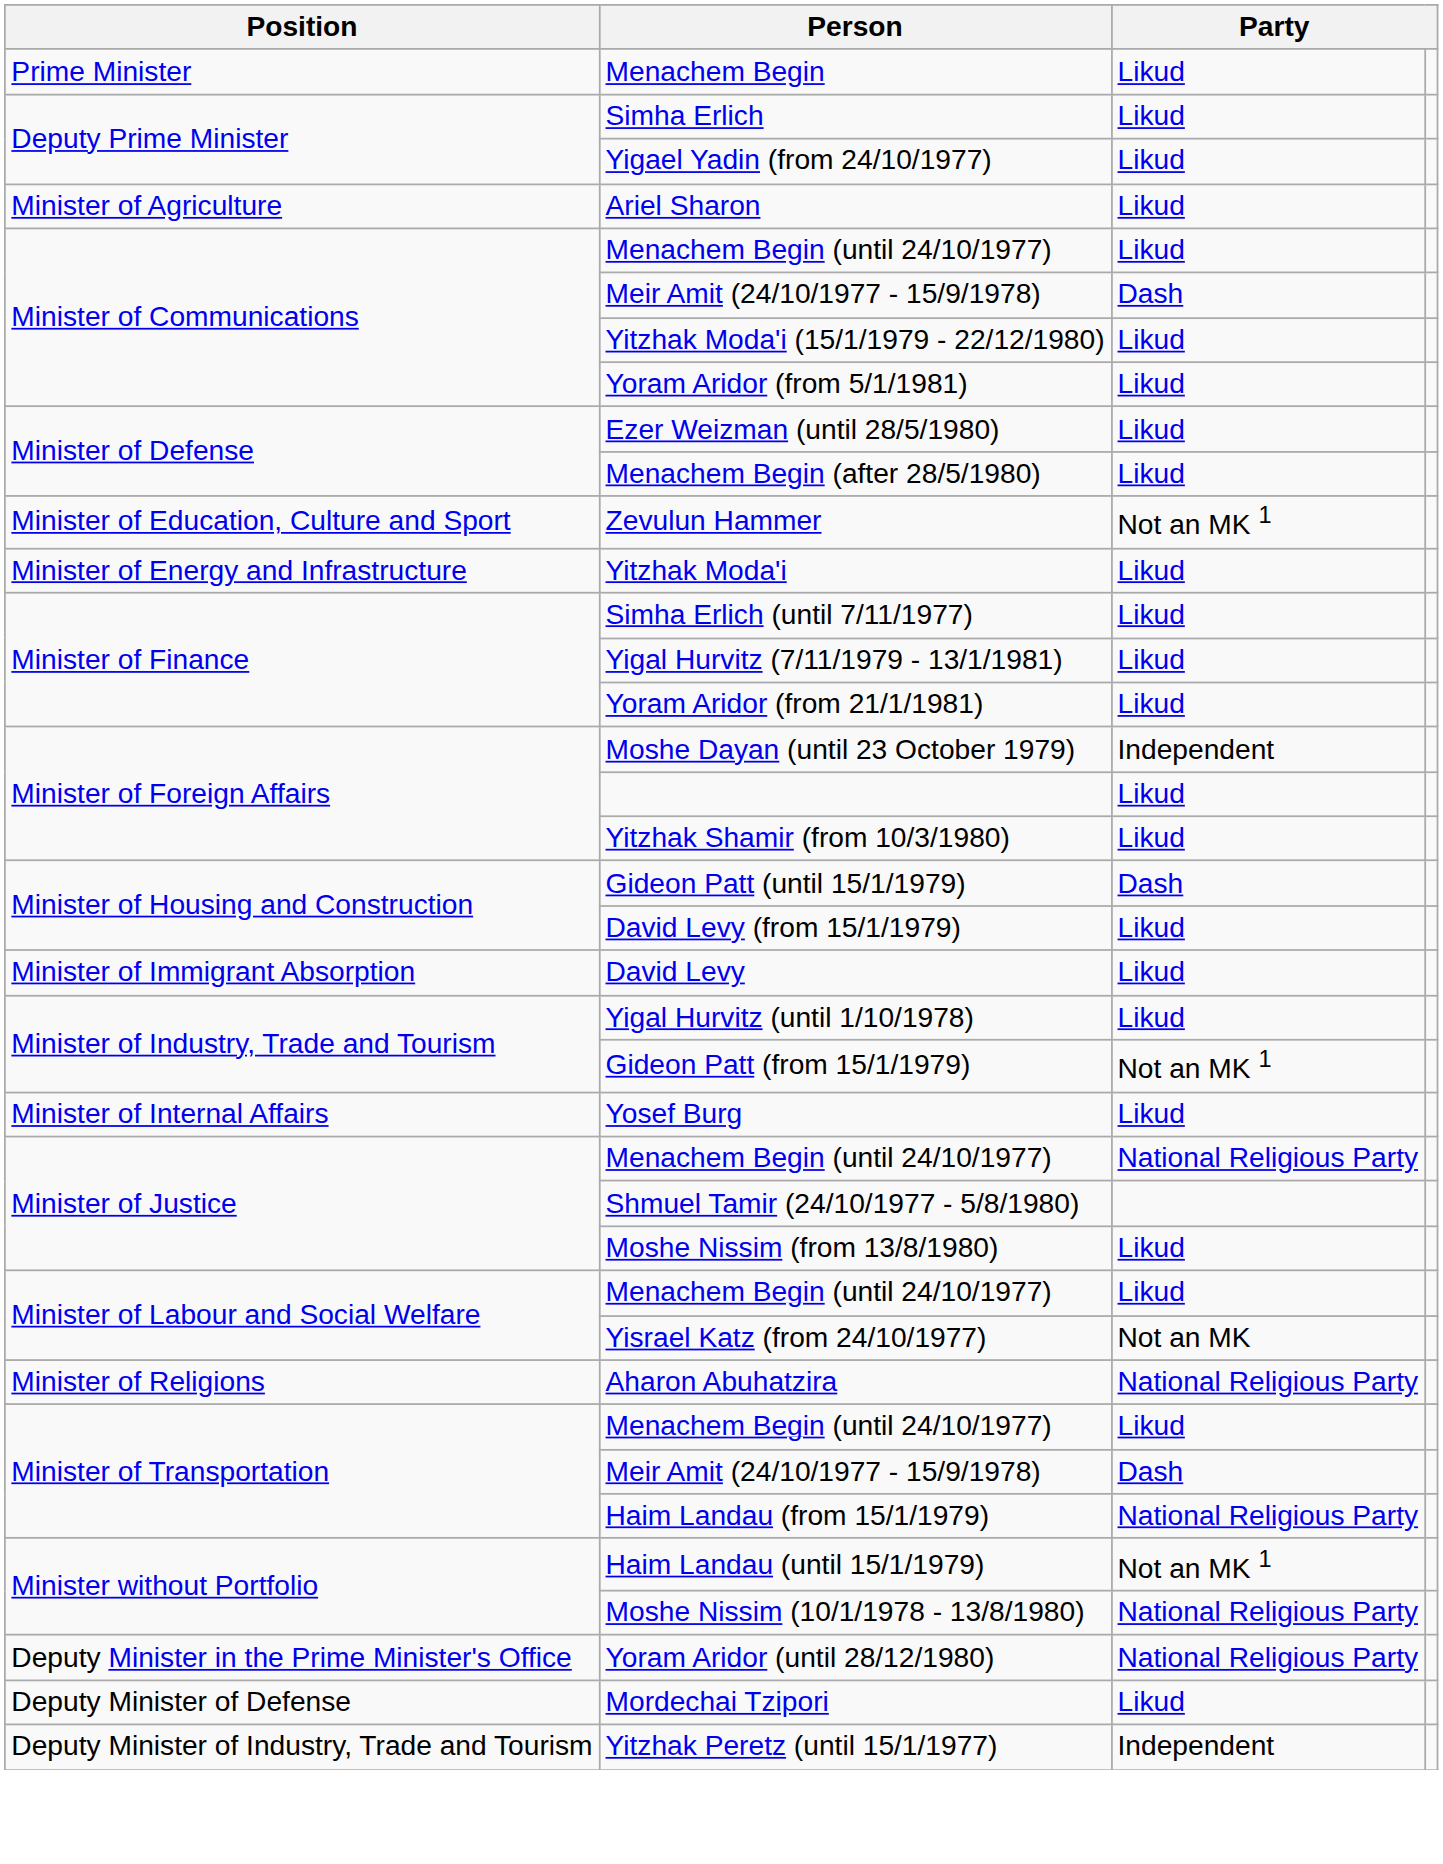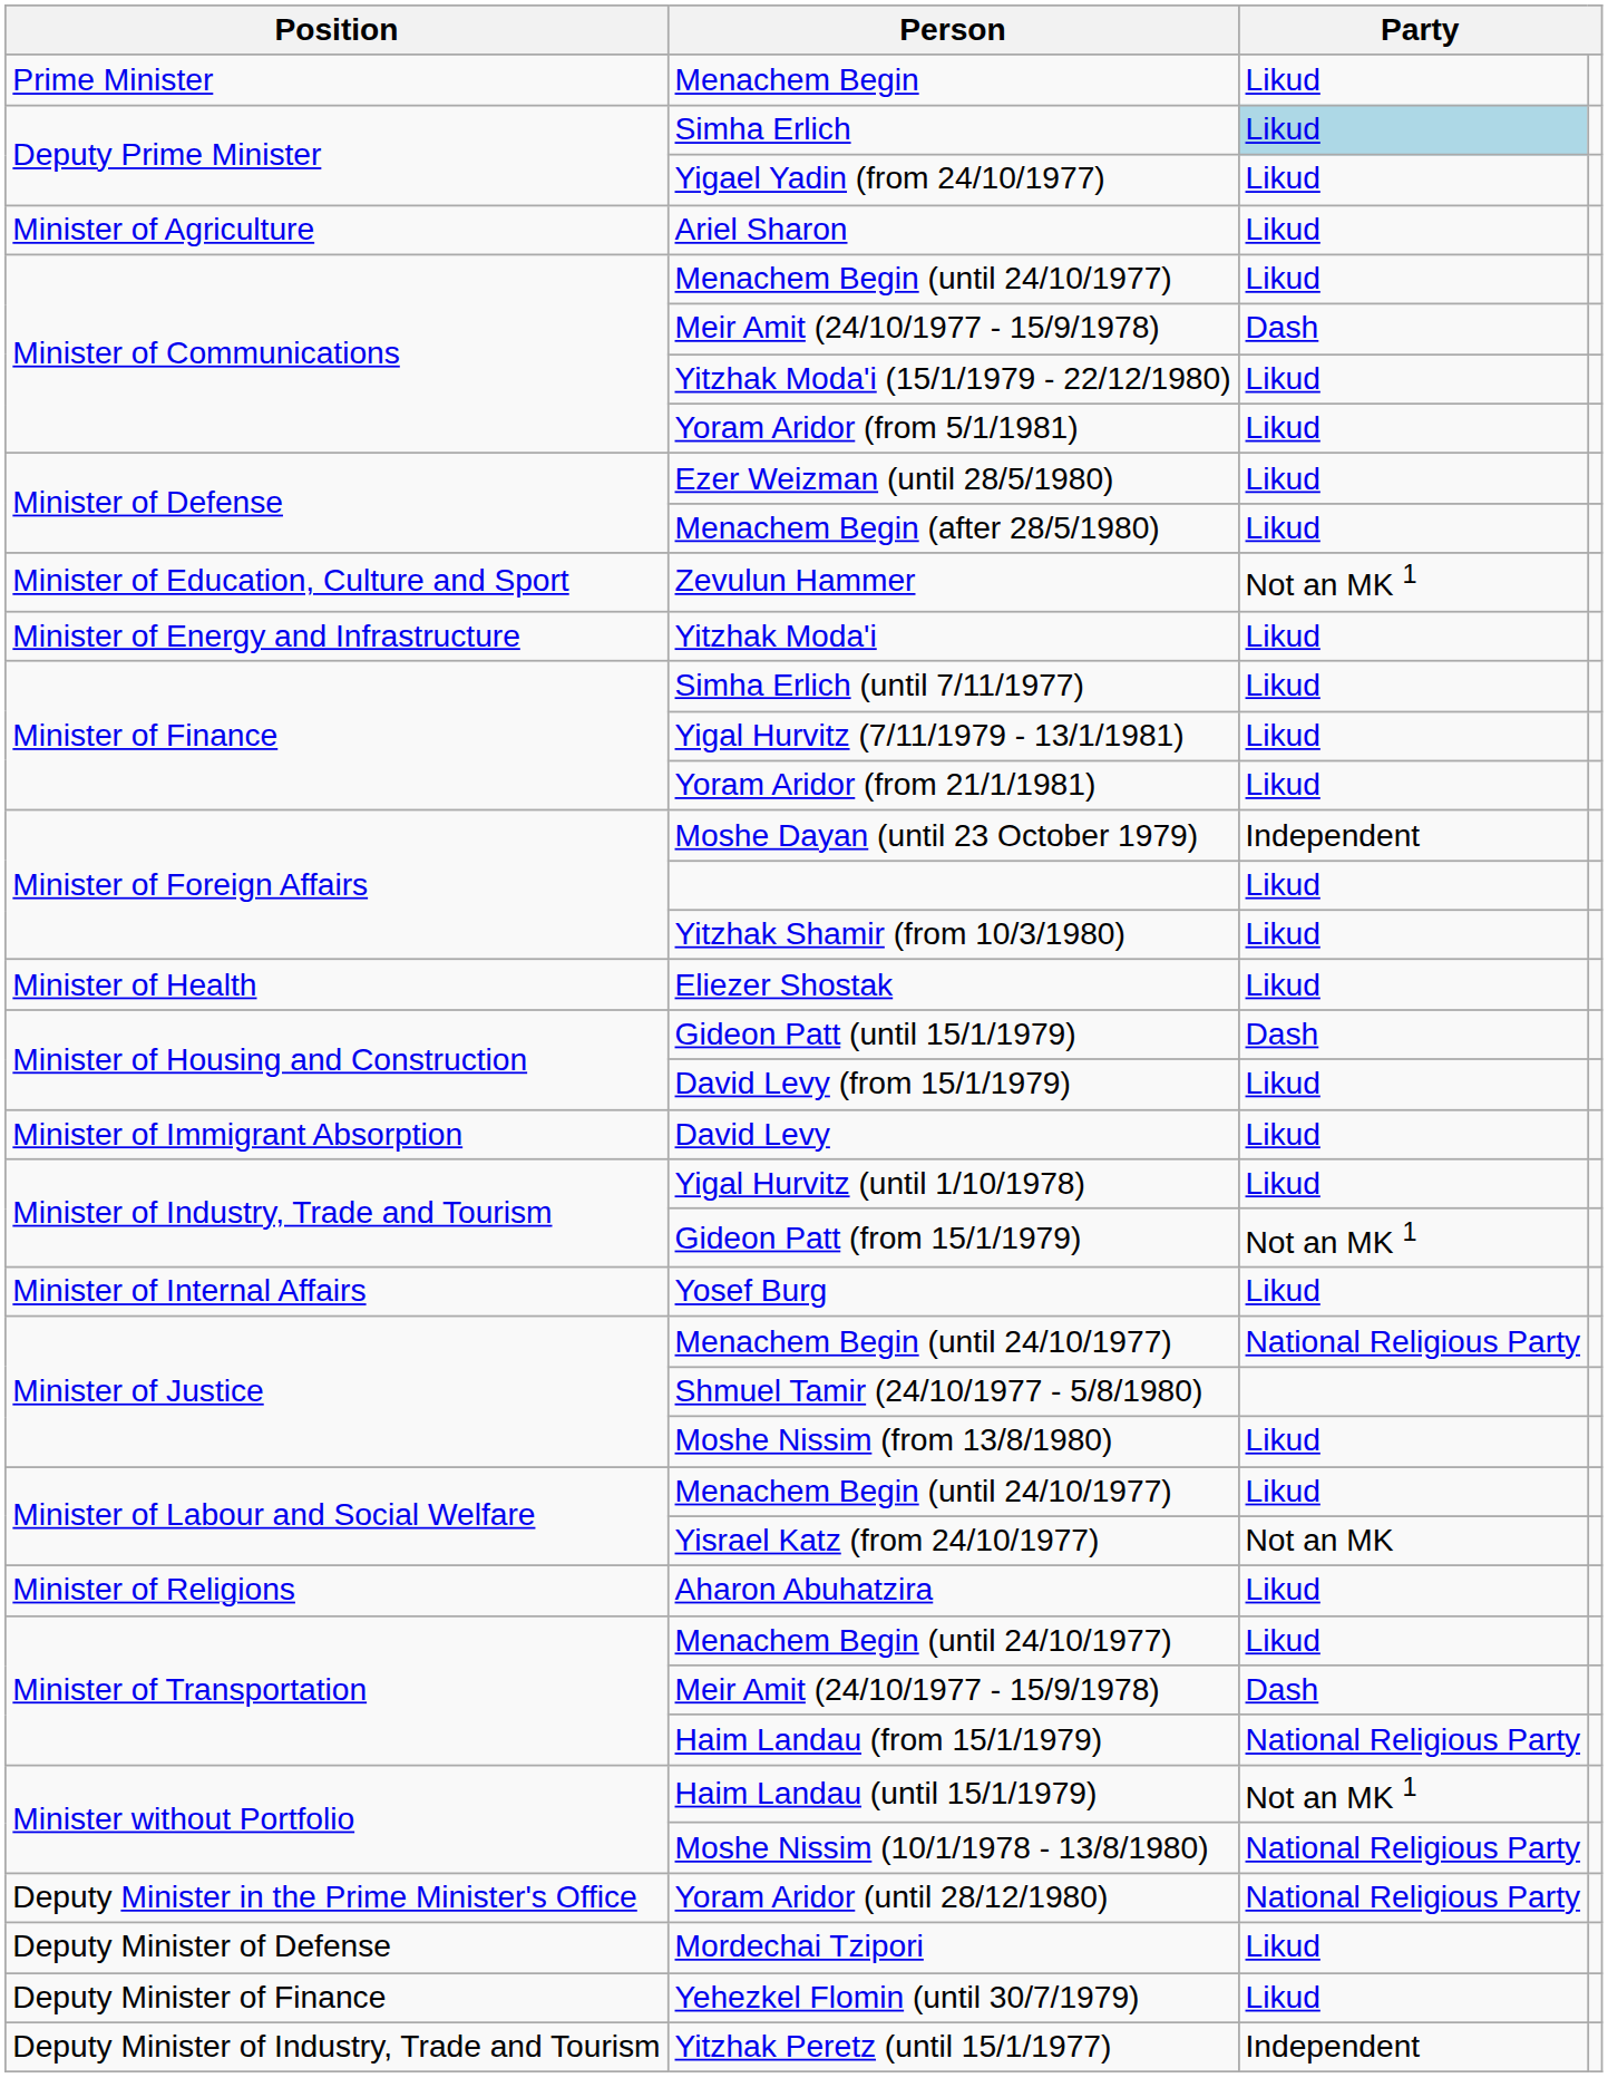 <table class=wikitable style="text-align:left">
 <tr>
 <th>Position</th>
 <th>Person</th>
 <th colspan=2>Party</th>
 </tr>
 <tr>
 <td><a href='#'>Prime Minister</a></td>
 <td><a href='#'>Menachem Begin</a></td>
 <td><a href='#'>Likud</a></td>
 <td style="background:"></td>
 </tr>
 <tr>
 <td rowspan=2><a href='#'>Deputy Prime Minister</a></td>
 <td><a href='#'>Simha Erlich</a></td>
-<td><a href='#'>Likud</a></td>
+<td style="background: lightblue;"><a href='#'>Likud</a></td>
 <td style="background:"></td>
 </tr>
 <tr>
 <td><a href='#'>Yigael Yadin</a> (from 24/10/1977)</td>
 <td><a href='#'>Likud</a></td>
 <td style="background:"></td>
 </tr>
 <tr>
 <td><a href='#'>Minister of Agriculture</a></td>
 <td><a href='#'>Ariel Sharon</a></td>
 <td><a href='#'>Likud</a></td>
 <td style="background:"></td>
 </tr>
 <tr>
 <td rowspan=4><a href='#'>Minister of Communications</a></td>
 <td><a href='#'>Menachem Begin</a> (until 24/10/1977)</td>
 <td><a href='#'>Likud</a></td>
 <td style="background:"></td>
 </tr>
 <tr>
 <td><a href='#'>Meir Amit</a> (24/10/1977 - 15/9/1978)</td>
 <td><a href='#'>Dash</a></td>
 <td style="background:"></td>
 </tr>
 <tr>
 <td><a href='#'>Yitzhak Moda'i</a> (15/1/1979 - 22/12/1980)</td>
 <td><a href='#'>Likud</a></td>
 <td style="background:"></td>
 </tr>
 <tr>
 <td><a href='#'>Yoram Aridor</a> (from 5/1/1981)</td>
 <td><a href='#'>Likud</a></td>
 <td style="background:"></td>
 </tr>
 <tr>
 <td rowspan=2><a href='#'>Minister of Defense</a></td>
 <td><a href='#'>Ezer Weizman</a> (until 28/5/1980)</td>
 <td><a href='#'>Likud</a></td>
 <td style="background:"></td>
 </tr>
 <tr>
 <td><a href='#'>Menachem Begin</a> (after 28/5/1980)</td>
 <td><a href='#'>Likud</a></td>
 <td style="background:"></td>
 </tr>
 <tr>
 <td><a href='#'>Minister of Education, Culture and Sport</a></td>
 <td><a href='#'>Zevulun Hammer</a></td>
 <td>Not an MK <sup>1</sup></td>
 <td style="background:"></td>
 </tr>
 <tr>
 <td><a href='#'>Minister of Energy and Infrastructure</a></td>
 <td><a href='#'>Yitzhak Moda'i</a></td>
 <td><a href='#'>Likud</a></td>
 <td style="background:"></td>
 </tr>
 <tr>
 <td rowspan=3><a href='#'>Minister of Finance</a></td>
 <td><a href='#'>Simha Erlich</a> (until 7/11/1977)</td>
 <td><a href='#'>Likud</a></td>
 <td style="background:"></td>
 </tr>
 <tr>
 <td><a href='#'>Yigal Hurvitz</a> (7/11/1979 - 13/1/1981)</td>
 <td><a href='#'>Likud</a></td>
 <td style="background:"></td>
 </tr>
 <tr>
 <td><a href='#'>Yoram Aridor</a> (from 21/1/1981)</td>
 <td><a href='#'>Likud</a></td>
 <td style="background:"></td>
 </tr>
 <tr>
 <td rowspan=3><a href='#'>Minister of Foreign Affairs</a></td>
 <td><a href='#'>Moshe Dayan</a> (until 23 October 1979)</td>
 <td>Independent</td>
 <td style="background:"></td>
 </tr>
 <tr>
 <td></td>
 <td><a href='#'>Likud</a></td>
 <td style="background:"></td>
 </tr>
 <tr>
 <td><a href='#'>Yitzhak Shamir</a> (from 10/3/1980)</td>
 <td><a href='#'>Likud</a></td>
 <td style="background:"></td>
 </tr>
 <tr>
+<td><a href='#'>Minister of Health</a></td>
+<td><a href='#'>Eliezer Shostak</a></td>
+<td><a href='#'>Likud</a></td>
+<td style="background:"></td>
+</tr>
+<tr>
 <td rowspan=2><a href='#'>Minister of Housing and Construction</a></td>
 <td><a href='#'>Gideon Patt</a> (until 15/1/1979)</td>
 <td><a href='#'>Dash</a></td>
 <td style="background:"></td>
 </tr>
 <tr>
 <td><a href='#'>David Levy</a> (from 15/1/1979)</td>
 <td><a href='#'>Likud</a></td>
 <td style="background:"></td>
 </tr>
 <tr>
 <td><a href='#'>Minister of Immigrant Absorption</a></td>
 <td><a href='#'>David Levy</a></td>
 <td><a href='#'>Likud</a></td>
 <td style="background:"></td>
 </tr>
 <tr>
 <td rowspan=2><a href='#'>Minister of Industry, Trade and Tourism</a></td>
 <td><a href='#'>Yigal Hurvitz</a> (until 1/10/1978)</td>
 <td><a href='#'>Likud</a></td>
 <td style="background:"></td>
 </tr>
 <tr>
 <td><a href='#'>Gideon Patt</a> (from 15/1/1979)</td>
 <td>Not an MK <sup>1</sup></td>
 <td style="background:"></td>
 </tr>
 <tr>
 <td><a href='#'>Minister of Internal Affairs</a></td>
 <td><a href='#'>Yosef Burg</a></td>
 <td><a href='#'>Likud</a></td>
 <td style="background:"></td>
 </tr>
 <tr>
 <td rowspan=3><a href='#'>Minister of Justice</a></td>
 <td><a href='#'>Menachem Begin</a> (until 24/10/1977)</td>
 <td><a href='#'>National Religious Party</a></td>
 <td style="background:"></td>
 </tr>
 <tr>
 <td><a href='#'>Shmuel Tamir</a> (24/10/1977 - 5/8/1980)</td>
 <td></td>
 <td style="background:"></td>
 </tr>
 <tr>
 <td><a href='#'>Moshe Nissim</a> (from 13/8/1980)</td>
 <td><a href='#'>Likud</a></td>
 <td style="background:"></td>
 </tr>
 <tr>
 <td rowspan=2><a href='#'>Minister of Labour and Social Welfare</a></td>
 <td><a href='#'>Menachem Begin</a> (until 24/10/1977)</td>
 <td><a href='#'>Likud</a></td>
 <td style="background:"></td>
 </tr>
 <tr>
 <td><a href='#'>Yisrael Katz</a> (from 24/10/1977)</td>
 <td>Not an MK</td>
 <td style="background:"></td>
 </tr>
 <tr>
 <td><a href='#'>Minister of Religions</a></td>
 <td><a href='#'>Aharon Abuhatzira</a></td>
-<td><a href='#'>National Religious Party</a></td>
+<td><a href='#'>Likud</a></td>
 <td style="background:"></td>
 </tr>
 <tr>
 <td rowspan=3><a href='#'>Minister of Transportation</a></td>
 <td><a href='#'>Menachem Begin</a> (until 24/10/1977)</td>
 <td><a href='#'>Likud</a></td>
 <td style="background:"></td>
 </tr>
 <tr>
 <td><a href='#'>Meir Amit</a> (24/10/1977 - 15/9/1978)</td>
 <td><a href='#'>Dash</a></td>
 <td style="background:"></td>
 </tr>
 <tr>
 <td><a href='#'>Haim Landau</a> (from 15/1/1979)</td>
 <td><a href='#'>National Religious Party</a></td>
 <td style="background:"></td>
 </tr>
 <tr>
 <td rowspan=2><a href='#'>Minister without Portfolio</a></td>
 <td><a href='#'>Haim Landau</a> (until 15/1/1979)</td>
 <td>Not an MK <sup>1</sup></td>
 <td style="background:"></td>
 </tr>
 <tr>
 <td><a href='#'>Moshe Nissim</a> (10/1/1978 - 13/8/1980)</td>
 <td><a href='#'>National Religious Party</a></td>
 <td style="background:"></td>
 </tr>
 <tr>
 <td>Deputy <a href='#'>Minister in the Prime Minister's Office</a></td>
 <td><a href='#'>Yoram Aridor</a> (until 28/12/1980)</td>
 <td><a href='#'>National Religious Party</a></td>
 <td style="background:"></td>
 </tr>
 <tr>
 <td>Deputy Minister of Defense</td>
 <td><a href='#'>Mordechai Tzipori</a></td>
 <td><a href='#'>Likud</a></td>
 <td style="background:"></td>
 </tr>
 <tr>
+<td>Deputy Minister of Finance</td>
+<td><a href='#'>Yehezkel Flomin</a> (until 30/7/1979)</td>
+<td><a href='#'>Likud</a></td>
+<td style="background:"></td>
+</tr>
+<tr>
 <td>Deputy Minister of Industry, Trade and Tourism</td>
 <td><a href='#'>Yitzhak Peretz</a> (until 15/1/1977)</td>
 <td>Independent</td>
 <td style="background:"></td>
 </tr>
 </table>
